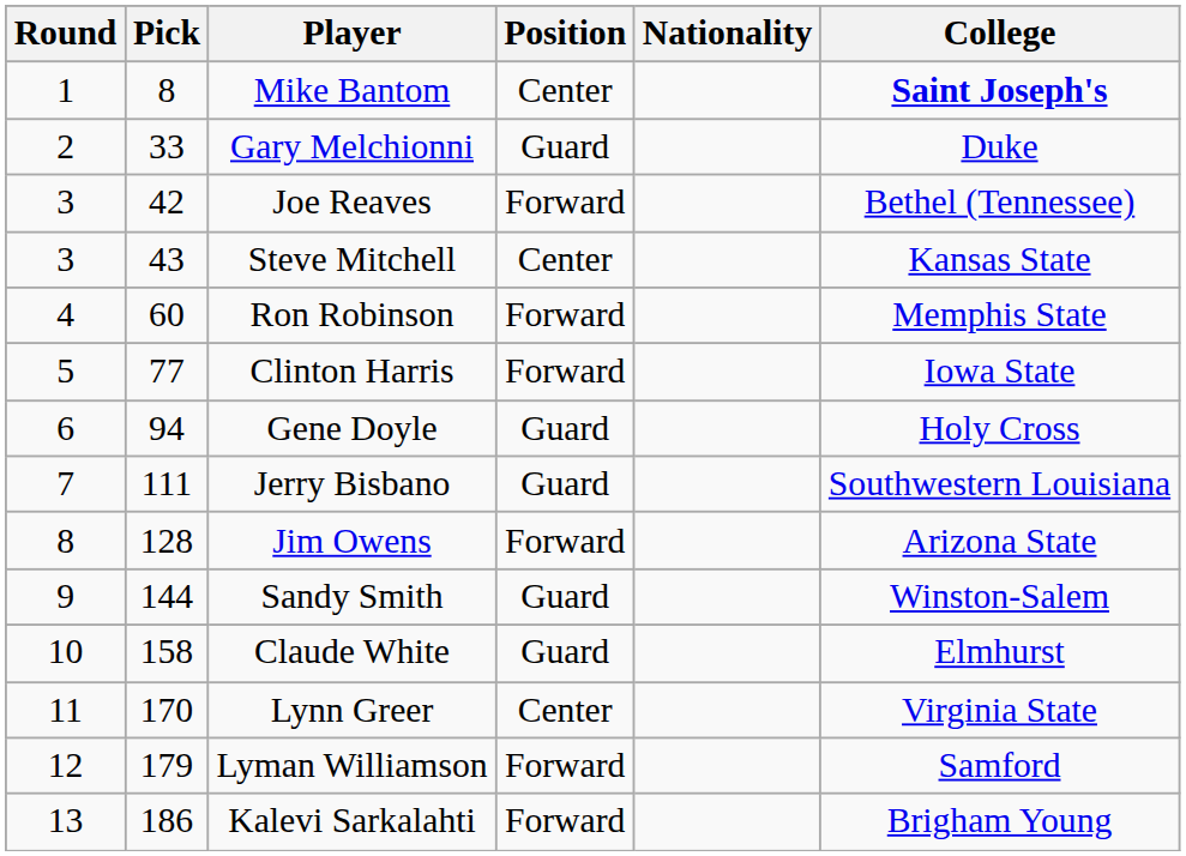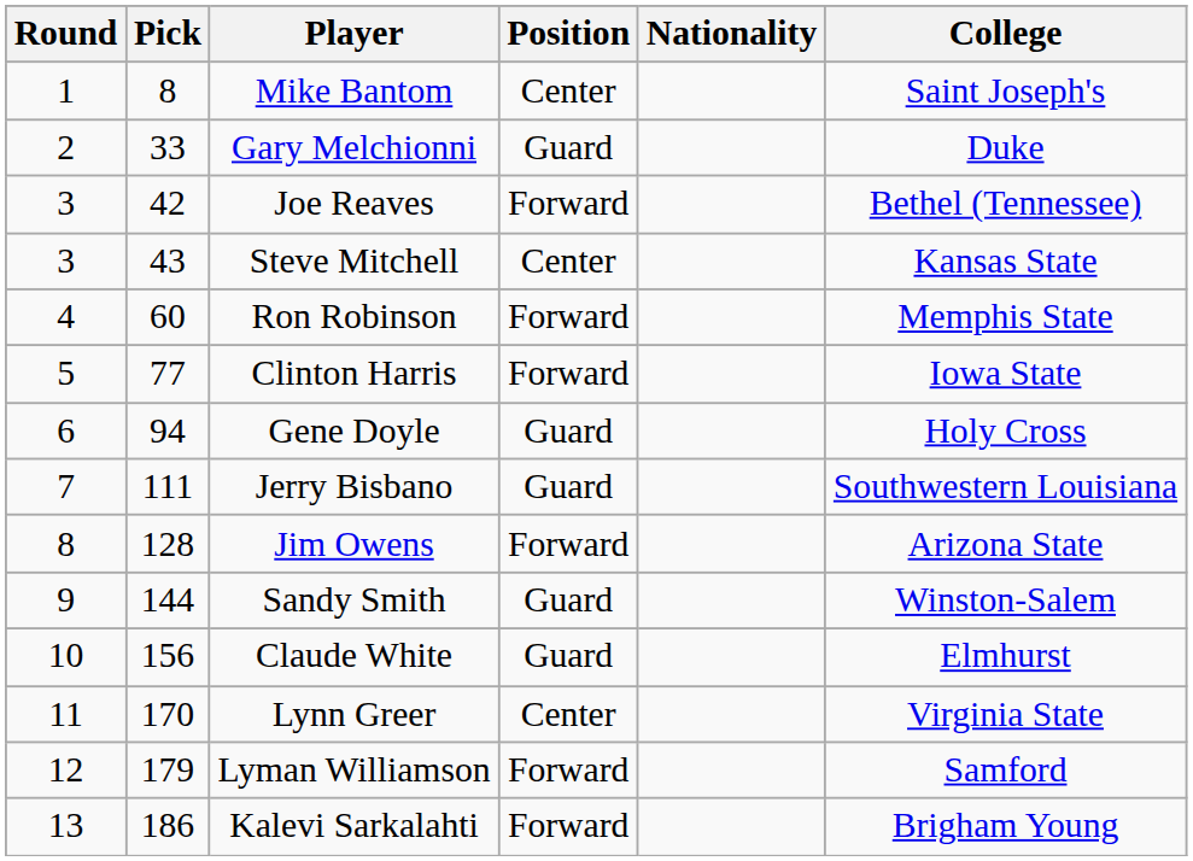 <table class="wikitable sortable sortable">
 <tr>
 <th>Round</th>
 <th>Pick</th>
 <th>Player</th>
 <th>Position</th>
 <th>Nationality</th>
 <th>College</th>
 </tr>
 <tr style="text-align: center">
 <td>1</td>
 <td>8</td>
 <td><a href='#'>Mike Bantom</a></td>
 <td>Center</td>
 <td></td>
-<td><strong><a href='#'>Saint Joseph's</a></strong></td>
+<td><a href='#'>Saint Joseph's</a></td>
 </tr>
 <tr style="text-align: center">
 <td>2</td>
 <td>33</td>
 <td><a href='#'>Gary Melchionni</a></td>
 <td>Guard</td>
 <td></td>
 <td><a href='#'>Duke</a></td>
 </tr>
 <tr style="text-align: center">
 <td>3</td>
 <td>42</td>
 <td>Joe Reaves</td>
 <td>Forward</td>
 <td></td>
 <td><a href='#'>Bethel (Tennessee)</a></td>
 </tr>
 <tr style="text-align: center">
 <td>3</td>
 <td>43</td>
 <td>Steve Mitchell</td>
 <td>Center</td>
 <td></td>
 <td><a href='#'>Kansas State</a></td>
 </tr>
 <tr style="text-align: center">
 <td>4</td>
 <td>60</td>
 <td>Ron Robinson</td>
 <td>Forward</td>
 <td></td>
 <td><a href='#'>Memphis State</a></td>
 </tr>
 <tr style="text-align: center">
 <td>5</td>
 <td>77</td>
 <td>Clinton Harris</td>
 <td>Forward</td>
 <td></td>
 <td><a href='#'>Iowa State</a></td>
 </tr>
 <tr style="text-align: center">
 <td>6</td>
 <td>94</td>
 <td>Gene Doyle</td>
 <td>Guard</td>
 <td></td>
 <td><a href='#'>Holy Cross</a></td>
 </tr>
 <tr style="text-align: center">
 <td>7</td>
 <td>111</td>
 <td>Jerry Bisbano</td>
 <td>Guard</td>
 <td></td>
 <td><a href='#'>Southwestern Louisiana</a></td>
 </tr>
 <tr style="text-align: center">
 <td>8</td>
 <td>128</td>
 <td><a href='#'>Jim Owens</a></td>
 <td>Forward</td>
 <td></td>
 <td><a href='#'>Arizona State</a></td>
 </tr>
 <tr style="text-align: center">
 <td>9</td>
 <td>144</td>
 <td>Sandy Smith</td>
 <td>Guard</td>
 <td></td>
 <td><a href='#'>Winston-Salem</a></td>
 </tr>
 <tr style="text-align: center">
 <td>10</td>
-<td>158</td>
+<td>156</td>
 <td>Claude White</td>
 <td>Guard</td>
 <td></td>
 <td><a href='#'>Elmhurst</a></td>
 </tr>
 <tr style="text-align: center">
 <td>11</td>
 <td>170</td>
 <td>Lynn Greer</td>
 <td>Center</td>
 <td></td>
 <td><a href='#'>Virginia State</a></td>
 </tr>
 <tr style="text-align: center">
 <td>12</td>
 <td>179</td>
 <td>Lyman Williamson</td>
 <td>Forward</td>
 <td></td>
 <td><a href='#'>Samford</a></td>
 </tr>
 <tr style="text-align: center">
 <td>13</td>
 <td>186</td>
 <td>Kalevi Sarkalahti</td>
 <td>Forward</td>
 <td></td>
 <td><a href='#'>Brigham Young</a></td>
 </tr>
 </table>
